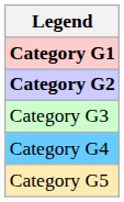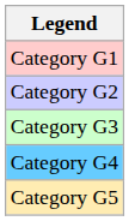 <table class=wikitable style="font-size:90%">
 <tr>
 <th>Legend</th>
 </tr>
 <tr bgcolor=#ffcccc>
-<td><strong>Category G1</strong></td>
+<td>Category G1</td>
 </tr>
 <tr bgcolor=#ccccff>
-<td><strong>Category G2</strong></td>
+<td>Category G2</td>
 </tr>
 <tr bgcolor=#CCFFCC>
 <td>Category G3</td>
 </tr>
 <tr bgcolor=#66CCFF>
 <td>Category G4</td>
 </tr>
 <tr bgcolor=#ffecb2>
 <td>Category G5</td>
 </tr>
 </table>
